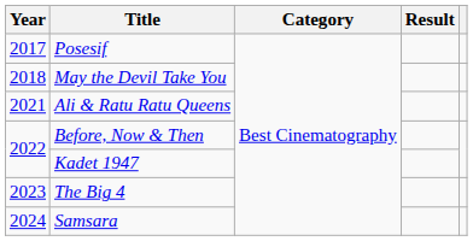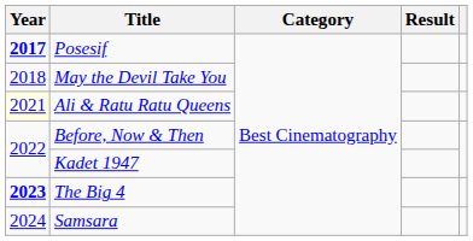 <table class="wikitable">
 <tr>
 <th>Year</th>
 <th>Title</th>
 <th>Category</th>
 <th>Result</th>
 <th></th>
 </tr>
 <tr>
-<td><a href='#'>2017</a></td>
+<td><strong><a href='#'>2017</a></strong></td>
 <td><em><a href='#'>Posesif</a></em></td>
 <td rowspan="7"><a href='#'>Best Cinematography</a></td>
 <td></td>
 <td align="center"></td>
 </tr>
 <tr>
 <td><a href='#'>2018</a></td>
 <td><em><a href='#'>May the Devil Take You</a></em></td>
 <td></td>
 <td align="center"></td>
 </tr>
 <tr>
-<td><a href='#'>2021</a></td>
+<td style="background: lightyellow;"><a href='#'>2021</a></td>
 <td><em><a href='#'>Ali & Ratu Ratu Queens</a></em></td>
 <td></td>
 <td align="center"></td>
 </tr>
 <tr>
 <td rowspan="2"><a href='#'>2022</a></td>
 <td><em><a href='#'>Before, Now & Then</a></em></td>
 <td></td>
 <td align="center" rowspan="2"></td>
 </tr>
 <tr>
 <td><em><a href='#'>Kadet 1947</a></em></td>
 <td></td>
 </tr>
 <tr>
-<td><a href='#'>2023</a></td>
+<td><strong><a href='#'>2023</a></strong></td>
 <td><em><a href='#'>The Big 4</a></em></td>
 <td></td>
 <td align="center"></td>
 </tr>
 <tr>
 <td><a href='#'>2024</a></td>
 <td><em><a href='#'>Samsara</a></em></td>
 <td></td>
 <td align="center"></td>
 </tr>
 </table>
